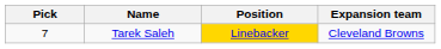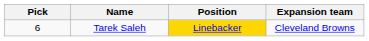 <table class="wikitable" style="text-align:center">
 <tr>
 <th width=100px>Pick</th>
 <th width=150px>Name</th>
 <th width=150px>Position</th>
 <th width=150px>Expansion team</th>
 </tr>
 <tr>
-<td>7</td>
+<td>6</td>
 <td><a href='#'>Tarek Saleh</a></td>
 <td style="background: gold;"><a href='#'>Linebacker</a></td>
 <td rowspan="2"><a href='#'>Cleveland Browns</a></td>
 </tr>
 </table>
